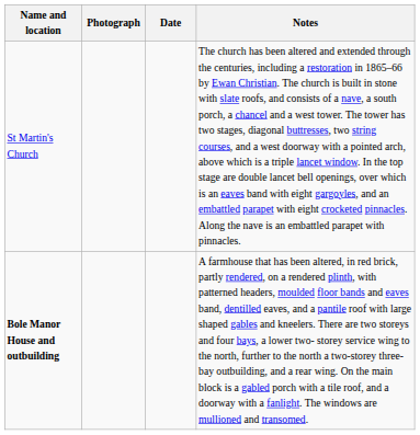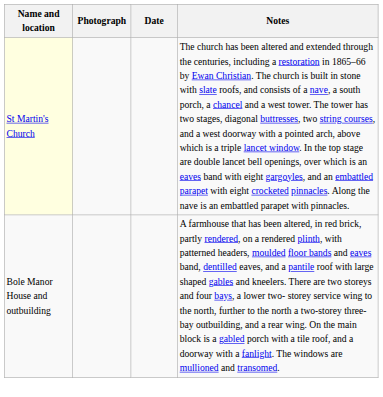 <table class="wikitable sortable plainrowheaders" style="width:100%; border:0px; text-align:left; line-height:150%">
 <tr>
 <th scope="col"  style="width:150px">Name and location</th>
 <th scope="col"  style="width:100px" class="unsortable">Photograph</th>
 <th scope="col"  style="width:120px">Date</th>
 <th scope="col"  style="width:650px" class="unsortable">Notes</th>
 </tr>
 <tr>
-<td><a href='#'>St Martin's Church</a><br><small></small></td>
+<td style="background: lightyellow;"><a href='#'>St Martin's Church</a><br><small></small></td>
 <td></td>
 <td align="center"></td>
 <td>The church has been altered and extended through the centuries, including a <a href='#'>restoration</a> in 1865–66 by <a href='#'>Ewan Christian</a>.  The church is built in stone with <a href='#'>slate</a> roofs, and consists of a <a href='#'>nave</a>, a south porch, a <a href='#'>chancel</a> and a west tower.  The tower has two stages, diagonal <a href='#'>buttresses</a>, two <a href='#'>string courses</a>, and a west doorway with a pointed arch, above which is a triple <a href='#'>lancet window</a>.  In the top stage are double lancet bell openings, over which is an <a href='#'>eaves</a> band with eight <a href='#'>gargoyles</a>, and an <a href='#'>embattled</a> <a href='#'>parapet</a> with eight <a href='#'>crocketed</a> <a href='#'>pinnacles</a>.  Along the nave is an embattled parapet with pinnacles.</td>
 </tr>
 <tr>
-<td><strong>Bole Manor House and outbuilding<br><small></small></strong></td>
+<td>Bole Manor House and outbuilding<br><small></small></td>
 <td></td>
 <td align="center"></td>
 <td>A farmhouse that has been altered, in red brick, partly <a href='#'>rendered</a>, on a rendered <a href='#'>plinth</a>, with patterned headers, <a href='#'>moulded</a> <a href='#'>floor bands</a> and <a href='#'>eaves</a> band, <a href='#'>dentilled</a> eaves, and a <a href='#'>pantile</a> roof with large shaped <a href='#'>gables</a> and kneelers.  There are two storeys and four <a href='#'>bays</a>, a lower two- storey service wing to the north, further to the north a two-storey three-bay outbuilding, and a rear wing.  On the main block is a <a href='#'>gabled</a> porch with a tile roof, and a doorway with a <a href='#'>fanlight</a>. The windows are <a href='#'>mullioned</a> and <a href='#'>transomed</a>.</td>
 </tr>
 <tr>
 </tr>
 </table>
